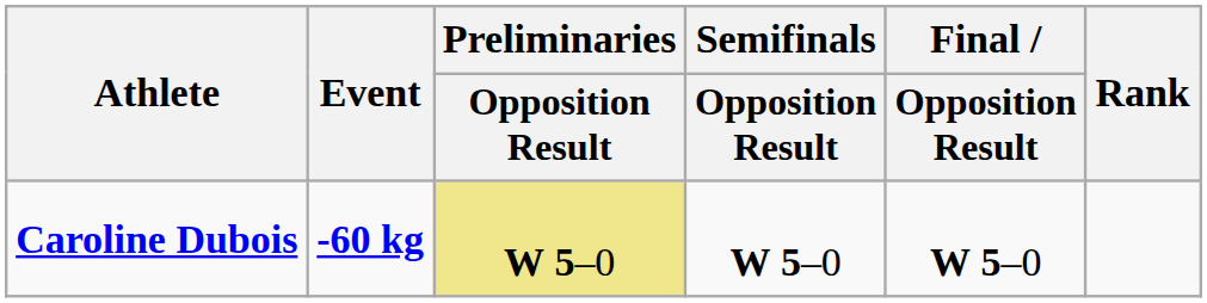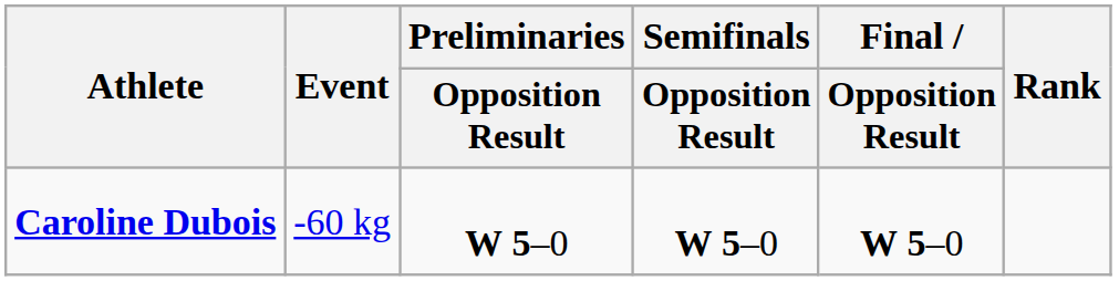 <table class="wikitable" style="font-size:90%;">
 <tr>
 <th rowspan=2>Athlete</th>
 <th rowspan=2>Event</th>
 <th>Preliminaries</th>
 <th>Semifinals</th>
 <th>Final / </th>
 <th rowspan=2>Rank</th>
 </tr>
 <tr style="font-size:95%">
 <th>Opposition<br>Result</th>
 <th>Opposition<br>Result</th>
 <th>Opposition<br>Result</th>
 </tr>
 <tr align=center>
 <td align=left><strong><a href='#'>Caroline Dubois</a></strong></td>
-<td align=left><strong><a href='#'>-60 kg</a></strong></td>
-<td style="background: khaki;"><br><strong>W</strong> <strong>5</strong>–0</td>
+<td align=left><a href='#'>-60 kg</a></td>
+<td><br><strong>W</strong> <strong>5</strong>–0</td>
 <td><br><strong>W</strong> <strong>5</strong>–0</td>
 <td><br><strong>W</strong> <strong>5</strong>–0</td>
 <td></td>
 </tr>
 </table>
